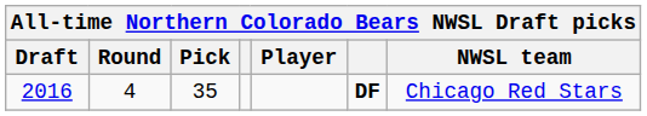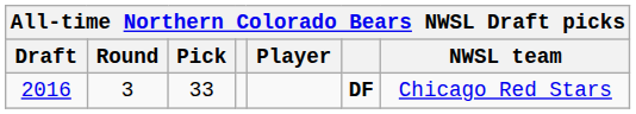 <table class="wikitable sortable" style="text-align: center;">
 <tr>
 <th colspan="7" style="background:#">All-time <a href='#'><span>Northern Colorado Bears</span></a> NWSL Draft picks</th>
 </tr>
 <tr>
 <th scope="col">Draft</th>
 <th scope="col">Round</th>
 <th scope="col">Pick</th>
 <th scope="col"></th>
 <th scope="col">Player</th>
 <th scope="col"></th>
 <th scope="col">NWSL team</th>
 </tr>
 <tr>
 <td><a href='#'>2016</a></td>
-<td>4</td>
-<td>35</td>
+<td>3</td>
+<td>33</td>
 <td></td>
 <td></td>
 <td><strong>DF</strong></td>
 <td><a href='#'>Chicago Red Stars</a></td>
 </tr>
 </table>
